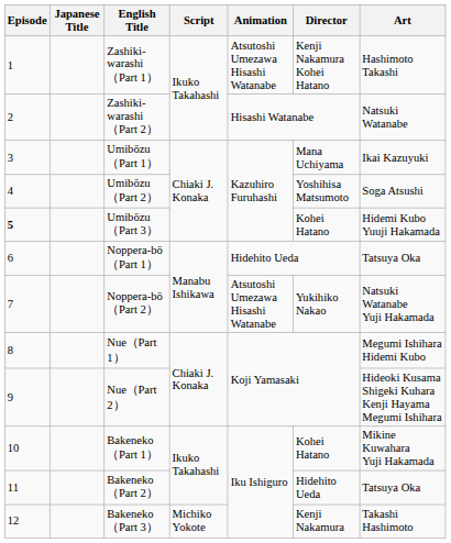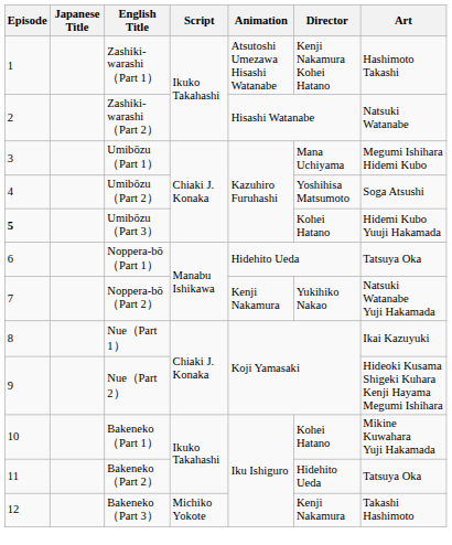 <table class="wikitable">
 <tr>
 <th>Episode</th>
 <th>Japanese Title</th>
 <th>English Title</th>
 <th>Script</th>
 <th>Animation</th>
 <th>Director</th>
 <th>Art</th>
 </tr>
 <tr>
 <td>1</td>
 <td></td>
 <td>Zashiki-warashi（Part 1）</td>
 <td rowspan="2">Ikuko Takahashi</td>
 <td>Atsutoshi Umezawa<br>Hisashi<br>Watanabe</td>
 <td>Kenji Nakamura<br>Kohei Hatano</td>
 <td>Hashimoto Takashi</td>
 </tr>
 <tr>
 <td>2</td>
 <td></td>
 <td>Zashiki-warashi（Part 2）</td>
 <td colspan="2">Hisashi Watanabe</td>
 <td>Natsuki Watanabe</td>
 </tr>
 <tr>
 <td>3</td>
 <td></td>
 <td>Umibōzu （Part 1）</td>
 <td rowspan="3">Chiaki J. Konaka</td>
 <td rowspan="3">Kazuhiro Furuhashi</td>
 <td>Mana Uchiyama</td>
-<td>Ikai Kazuyuki</td>
+<td>Megumi Ishihara<br>Hidemi Kubo</td>
 </tr>
 <tr>
 <td>4</td>
 <td></td>
 <td>Umibōzu （Part 2）</td>
 <td>Yoshihisa Matsumoto</td>
 <td>Soga Atsushi</td>
 </tr>
 <tr>
 <td><strong>5</strong></td>
 <td></td>
 <td>Umibōzu （Part 3）</td>
 <td>Kohei Hatano</td>
 <td>Hidemi Kubo<br>Yuuji Hakamada</td>
 </tr>
 <tr>
 <td>6</td>
 <td></td>
 <td>Noppera-bō（Part 1）</td>
 <td rowspan="2">Manabu Ishikawa</td>
 <td colspan="2">Hidehito Ueda</td>
 <td>Tatsuya Oka</td>
 </tr>
 <tr>
 <td>7</td>
 <td></td>
 <td>Noppera-bō（Part 2）</td>
-<td>Atsutoshi Umezawa<br>Hisashi<br>Watanabe</td>
+<td>Kenji Nakamura</td>
 <td>Yukihiko Nakao</td>
 <td>Natsuki Watanabe<br>Yuji Hakamada</td>
 </tr>
 <tr>
 <td>8</td>
 <td></td>
 <td>Nue（Part 1）</td>
 <td rowspan="2">Chiaki J. Konaka</td>
 <td rowspan="2" colspan="2">Koji Yamasaki</td>
-<td>Megumi Ishihara<br>Hidemi Kubo</td>
+<td>Ikai Kazuyuki</td>
 </tr>
 <tr>
 <td>9</td>
 <td></td>
 <td>Nue（Part 2）</td>
 <td>Hideoki Kusama<br>Shigeki Kuhara Kenji Hayama Megumi Ishihara</td>
 </tr>
 <tr>
 <td>10</td>
 <td></td>
 <td>Bakeneko（Part 1）</td>
 <td rowspan="2">Ikuko Takahashi</td>
 <td rowspan="3">Iku Ishiguro</td>
 <td>Kohei Hatano</td>
 <td>Mikine Kuwahara<br>Yuji Hakamada</td>
 </tr>
 <tr>
 <td>11</td>
 <td></td>
 <td>Bakeneko（Part 2）</td>
 <td>Hidehito Ueda</td>
 <td>Tatsuya Oka</td>
 </tr>
 <tr>
 <td>12</td>
 <td></td>
 <td>Bakeneko（Part 3）</td>
 <td>Michiko Yokote</td>
 <td>Kenji Nakamura</td>
 <td>Takashi Hashimoto</td>
 </tr>
 </table>
